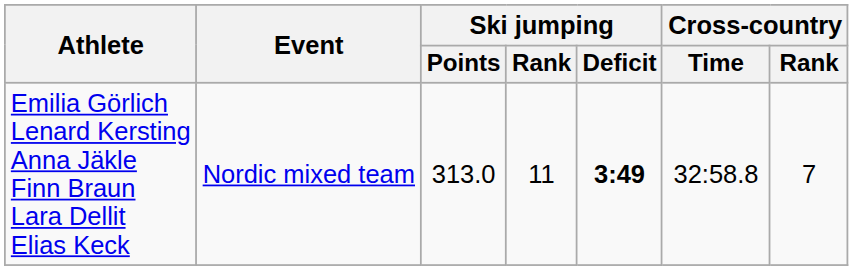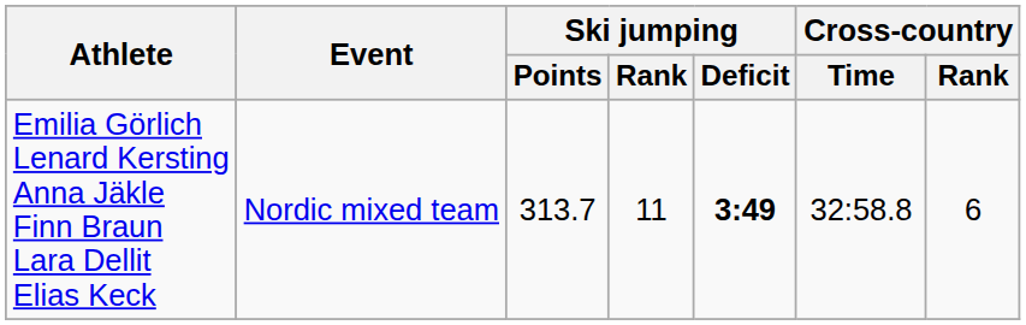 <table class="wikitable" style="font-size:90%">
 <tr>
 <th rowspan="2">Athlete</th>
 <th rowspan="2">Event</th>
 <th colspan="3">Ski jumping</th>
 <th colspan="2">Cross-country</th>
 </tr>
 <tr style="font-size:95%">
 <th>Points</th>
 <th>Rank</th>
 <th>Deficit</th>
 <th>Time</th>
 <th>Rank</th>
 </tr>
 <tr align=center>
 <td align=left><a href='#'>Emilia Görlich</a><br><a href='#'>Lenard Kersting</a><br><a href='#'>Anna Jäkle</a><br><a href='#'>Finn Braun</a><br><a href='#'>Lara Dellit</a><br><a href='#'>Elias Keck</a></td>
 <td align=left><a href='#'>Nordic mixed team</a></td>
-<td>313.0</td>
+<td>313.7</td>
 <td>11</td>
 <td><strong>3:49</strong></td>
 <td>32:58.8</td>
-<td>7</td>
+<td>6</td>
 </tr>
 </table>
